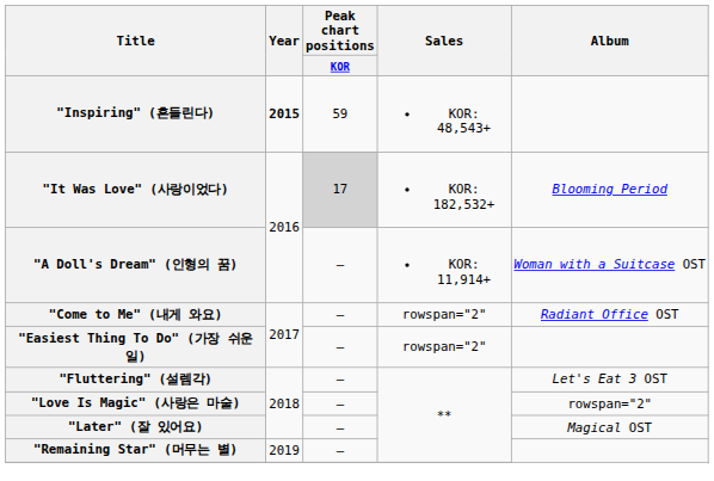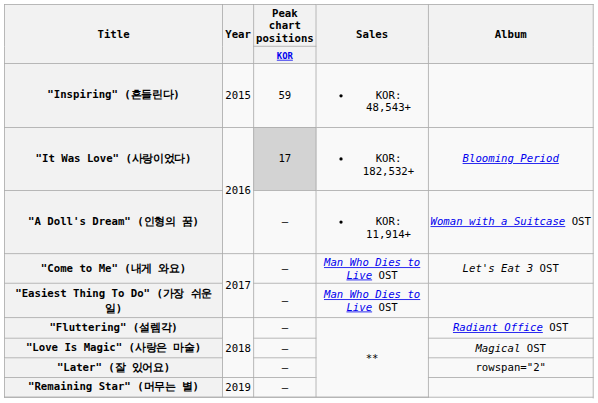 <table class="wikitable plainrowheaders" style="text-align:center;" border="1">
 <tr>
 <th scope="col" rowspan="2" style="width:20em;">Title</th>
 <th scope="col" rowspan="2">Year</th>
 <th scope="col" colspan="1" style="width:5em;">Peak chart positions</th>
 <th scope="col" rowspan="2" style="width:10em;">Sales</th>
 <th scope="col" rowspan="2">Album</th>
 </tr>
 <tr>
 <th><small><a href='#'>KOR</a></small><br></th>
 </tr>
 <tr>
 <th scope="row">"Inspiring" (흔들린다)</th>
-<td><strong>2015</strong></td>
+<td>2015</td>
 <td>59</td>
 <td><br><ul><li>KOR: 48,543+</li></ul></td>
 <td></td>
 </tr>
 <tr>
 <th scope="row">"It Was Love" (사랑이었다)</th>
 <td rowspan="2">2016</td>
 <td style="background: lightgrey;">17</td>
 <td><br><ul><li>KOR: 182,532+</li></ul></td>
 <td><em><a href='#'>Blooming Period</a></em></td>
 </tr>
 <tr>
 <th scope="row">"A Doll's Dream" (인형의 꿈)</th>
 <td>—</td>
 <td><br><ul><li>KOR: 11,914+</li></ul></td>
 <td><em><a href='#'>Woman with a Suitcase</a></em> OST</td>
 </tr>
 <tr>
 <th scope="row">"Come to Me" (내게 와요)</th>
 <td rowspan="2">2017</td>
 <td>—</td>
-<td>rowspan="2" </td>
-<td><em><a href='#'>Radiant Office</a></em> OST</td>
+<td><em><a href='#'>Man Who Dies to Live</a></em> OST</td>
+<td><em>Let's Eat 3</em> OST</td>
 </tr>
 <tr>
 <th scope="row">"Easiest Thing To Do" (가장 쉬운 일)</th>
 <td>—</td>
-<td>rowspan="2" </td>
+<td><em><a href='#'>Man Who Dies to Live</a></em> OST</td>
 </tr>
 <tr>
 <th scope="row">"Fluttering" (설렘각)</th>
 <td rowspan="3">2018</td>
 <td>—</td>
 <td rowspan="4">**</td>
-<td><em>Let's Eat 3</em> OST</td>
+<td><em><a href='#'>Radiant Office</a></em> OST</td>
 </tr>
 <tr>
 <th scope="row">"Love Is Magic" (사랑은 마술)</th>
 <td>—</td>
-<td>rowspan="2" </td>
+<td><em>Magical</em> OST</td>
 </tr>
 <tr>
 <th scope="row">"Later" (잘 있어요)</th>
 <td>—</td>
-<td><em>Magical</em> OST</td>
+<td>rowspan="2" </td>
 </tr>
 <tr>
 <th scope="row">"Remaining Star" (머무는 별)</th>
 <td>2019</td>
 <td>—</td>
 </tr>
 <tr>
 </tr>
 </table>
